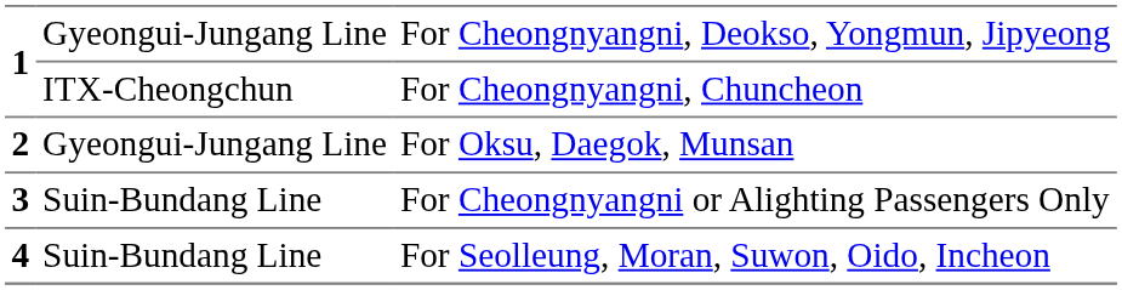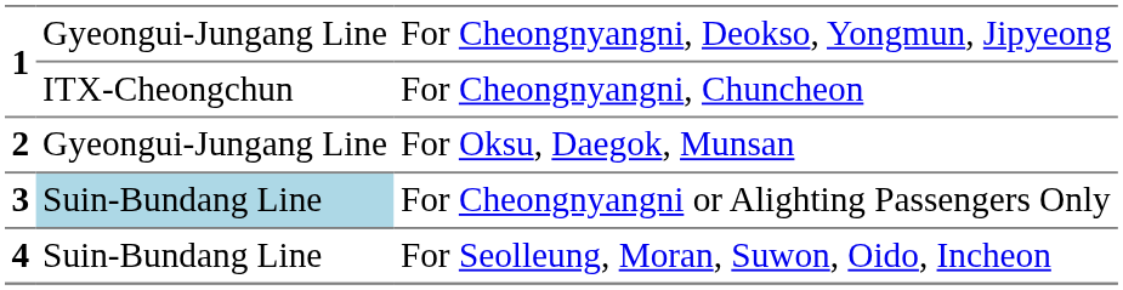 <table border="1" cellspacing="0" cellpadding="3" frame="hsides" rules="rows">
 <tr>
 <th rowspan="2">1</th>
 <td>Gyeongui-Jungang Line</td>
 <td>For <a href='#'>Cheongnyangni</a>, <a href='#'>Deokso</a>, <a href='#'>Yongmun</a>, <a href='#'>Jipyeong</a></td>
 </tr>
 <tr>
 <td>ITX-Cheongchun</td>
 <td>For <a href='#'>Cheongnyangni</a>, <a href='#'>Chuncheon</a></td>
 </tr>
 <tr>
 <th>2</th>
 <td>Gyeongui-Jungang Line</td>
 <td>For <a href='#'>Oksu</a>, <a href='#'>Daegok</a>, <a href='#'>Munsan</a></td>
 </tr>
 <tr>
 <th>3</th>
-<td>Suin-Bundang Line</td>
+<td style="background: lightblue;">Suin-Bundang Line</td>
 <td>For <a href='#'>Cheongnyangni</a> or Alighting Passengers Only</td>
 </tr>
 <tr>
 <th>4</th>
 <td>Suin-Bundang Line</td>
 <td>For <a href='#'>Seolleung</a>, <a href='#'>Moran</a>, <a href='#'>Suwon</a>, <a href='#'>Oido</a>, <a href='#'>Incheon</a></td>
 </tr>
 <tr>
 </tr>
 </table>
